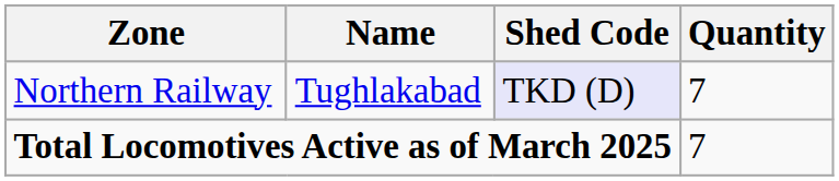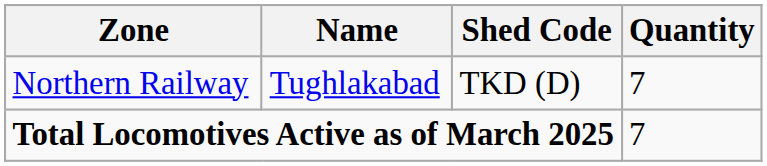 <table class="wikitable">
 <tr>
 <th>Zone</th>
 <th>Name</th>
 <th>Shed Code</th>
 <th>Quantity</th>
 </tr>
 <tr>
 <td><a href='#'>Northern Railway</a></td>
 <td><a href='#'>Tughlakabad</a></td>
-<td style="background: lavender;">TKD (D)</td>
+<td>TKD (D)</td>
 <td>7</td>
 </tr>
 <tr>
 <td colspan="3"><strong>Total Locomotives Active as of March 2025</strong></td>
 <td>7</td>
 </tr>
 </table>
